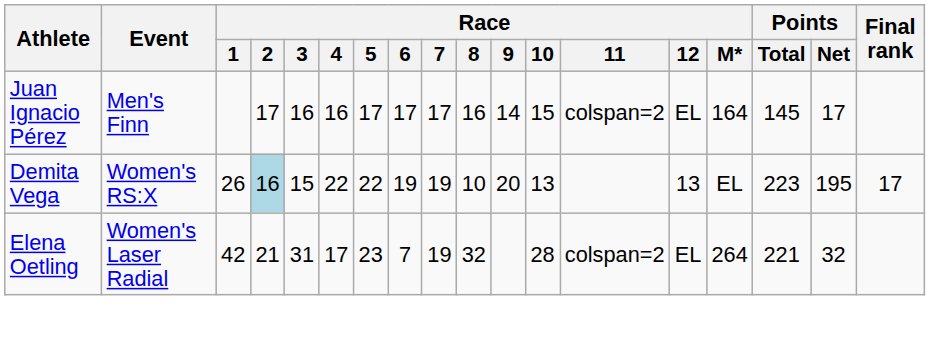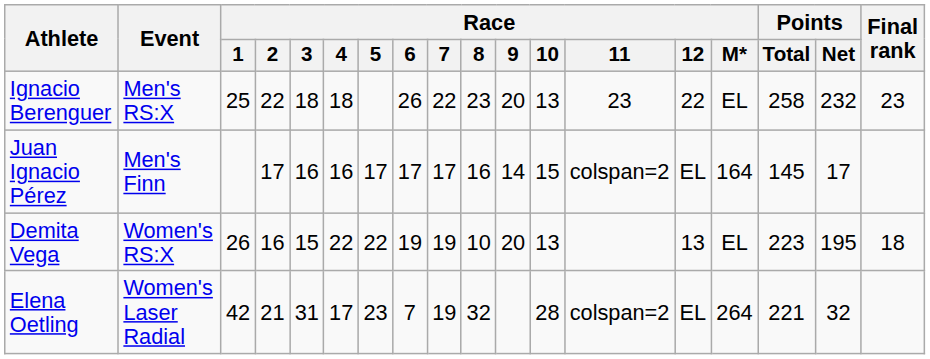 <table class="wikitable" style="font-size:90%">
 <tr>
 <th rowspan="2">Athlete</th>
 <th rowspan="2">Event</th>
 <th colspan=13>Race</th>
 <th colspan="2">Points</th>
 <th rowspan=2>Final rank</th>
 </tr>
 <tr style="font-size:95%">
 <th>1</th>
 <th>2</th>
 <th>3</th>
 <th>4</th>
 <th>5</th>
 <th>6</th>
 <th>7</th>
 <th>8</th>
 <th>9</th>
 <th>10</th>
 <th>11</th>
 <th>12</th>
 <th>M*</th>
 <th>Total</th>
 <th>Net</th>
 </tr>
 <tr align=center>
+<td align=left><a href='#'>Ignacio Berenguer</a></td>
+<td align=left><a href='#'>Men's RS:X</a></td>
+<td>25</td>
+<td>22</td>
+<td>18</td>
+<td>18</td>
+<td></td>
+<td>26</td>
+<td>22</td>
+<td>23</td>
+<td>20</td>
+<td>13</td>
+<td>23</td>
+<td>22</td>
+<td>EL</td>
+<td>258</td>
+<td>232</td>
+<td>23</td>
+</tr>
+<tr align=center>
 <td align=left><a href='#'>Juan Ignacio Pérez</a></td>
 <td align=left><a href='#'>Men's Finn</a></td>
 <td></td>
 <td>17</td>
 <td>16</td>
 <td>16</td>
 <td>17</td>
 <td>17</td>
 <td>17</td>
 <td>16</td>
 <td>14</td>
 <td>15</td>
 <td>colspan=2 </td>
 <td>EL</td>
 <td>164</td>
 <td>145</td>
 <td>17</td>
 </tr>
 <tr align=center>
 <td align=left><a href='#'>Demita Vega</a></td>
 <td align=left><a href='#'>Women's RS:X</a></td>
 <td>26</td>
-<td style="background: lightblue;">16</td>
+<td>16</td>
 <td>15</td>
 <td>22</td>
 <td>22</td>
 <td>19</td>
 <td>19</td>
 <td>10</td>
 <td>20</td>
 <td>13</td>
 <td></td>
 <td>13</td>
 <td>EL</td>
 <td>223</td>
 <td>195</td>
-<td>17</td>
+<td>18</td>
 </tr>
 <tr align=center>
 <td align=left><a href='#'>Elena Oetling</a></td>
 <td align=left><a href='#'>Women's Laser Radial</a></td>
 <td>42</td>
 <td>21</td>
 <td>31</td>
 <td>17</td>
 <td>23</td>
 <td>7</td>
 <td>19</td>
 <td>32</td>
 <td></td>
 <td>28</td>
 <td>colspan=2 </td>
 <td>EL</td>
 <td>264</td>
 <td>221</td>
 <td>32</td>
 </tr>
 </table>
